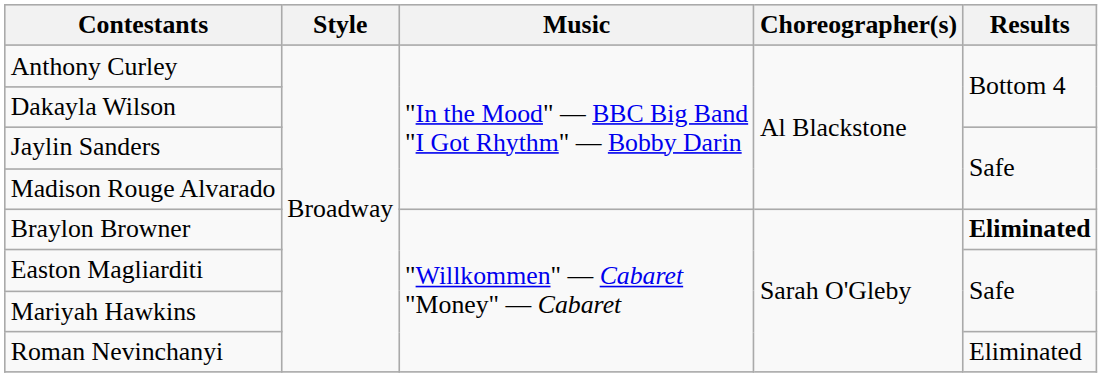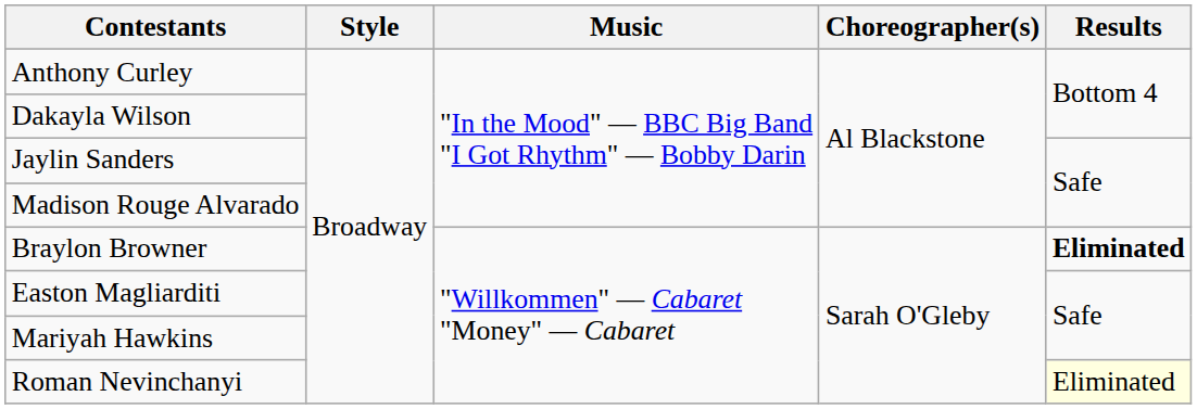 <table class="wikitable">
 <tr>
 <th>Contestants</th>
 <th>Style</th>
 <th>Music</th>
 <th>Choreographer(s)</th>
 <th>Results</th>
 </tr>
 <tr>
 <td>Anthony Curley</td>
 <td rowspan="8">Broadway</td>
 <td rowspan="4">"<a href='#'>In the Mood</a>" — <a href='#'>BBC Big Band</a><br>"<a href='#'>I Got Rhythm</a>" — <a href='#'>Bobby Darin</a></td>
 <td rowspan="4">Al Blackstone</td>
 <td rowspan="2">Bottom 4</td>
 </tr>
 <tr>
 <td>Dakayla Wilson</td>
 </tr>
 <tr>
 <td>Jaylin Sanders</td>
 <td rowspan="2">Safe</td>
 </tr>
 <tr>
 <td>Madison Rouge Alvarado</td>
 </tr>
 <tr>
 <td>Braylon Browner</td>
 <td rowspan="4">"<a href='#'>Willkommen</a>" — <em><a href='#'>Cabaret</a></em><br>"Money" — <em>Cabaret</em></td>
 <td rowspan="4">Sarah O'Gleby</td>
 <td><strong>Eliminated</strong></td>
 </tr>
 <tr>
 <td>Easton Magliarditi</td>
 <td rowspan="2">Safe</td>
 </tr>
 <tr>
 <td>Mariyah Hawkins</td>
 </tr>
 <tr>
 <td>Roman Nevinchanyi</td>
-<td>Eliminated</td>
+<td style="background: lightyellow;">Eliminated</td>
 </tr>
 </table>
